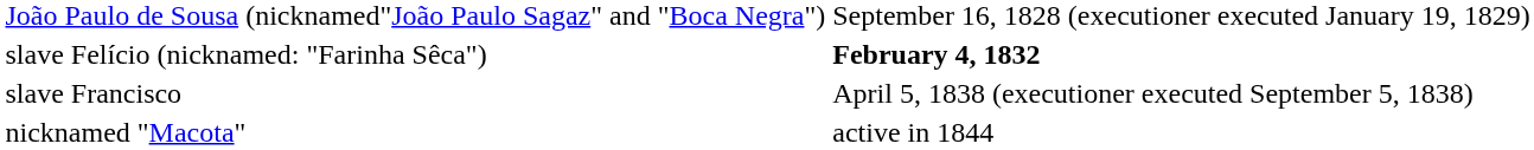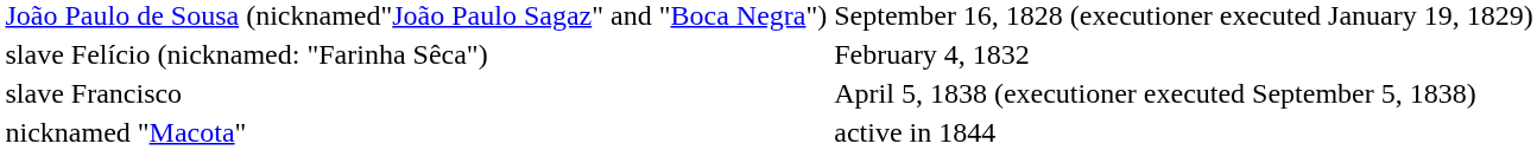 <table>
 <tr>
 <td><a href='#'>João Paulo de Sousa</a> (nicknamed"<a href='#'>João Paulo Sagaz</a>" and "<a href='#'>Boca Negra</a>")</td>
 <td>September 16, 1828 (executioner executed January 19, 1829)</td>
 </tr>
 <tr>
 <td>slave Felício (nicknamed: "Farinha Sêca")</td>
-<td><strong>February 4, 1832</strong></td>
+<td>February 4, 1832</td>
 </tr>
 <tr>
 <td>slave Francisco</td>
 <td>April 5, 1838 (executioner executed September 5, 1838)</td>
 </tr>
 <tr>
 <td>nicknamed "<a href='#'>Macota</a>"</td>
 <td>active in 1844</td>
 </tr>
 </table>
